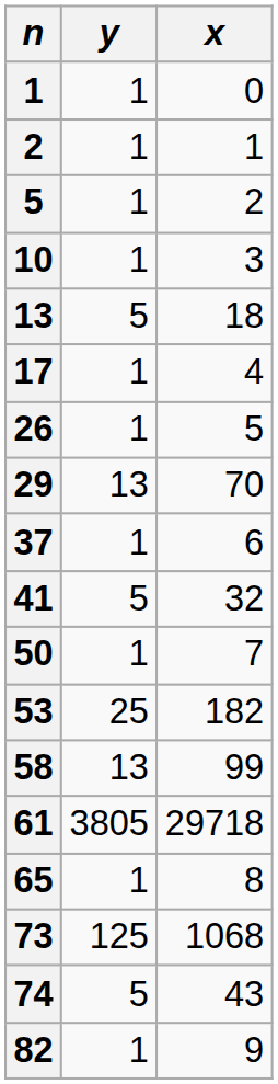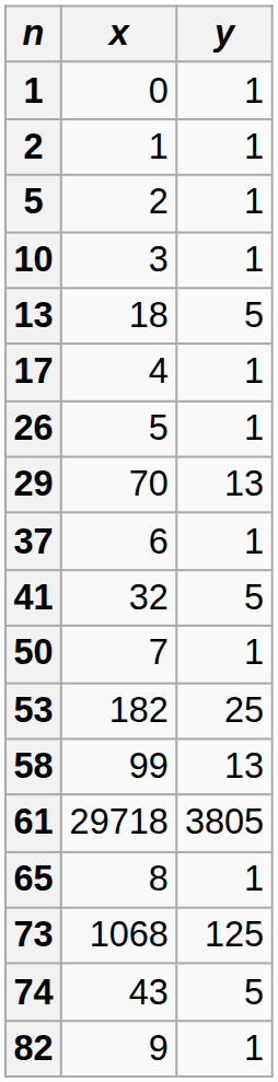 <table class="wikitable" style="text-align: right; display: inline-table;">
 <tr>
 <th><em>n</em></th>
+<th><em>x</em></th>
 <th><em>y</em></th>
-<th><em>x</em></th>
 </tr>
 <tr>
 <th>1</th>
+<td>0</td>
 <td>1</td>
-<td>0</td>
 </tr>
 <tr>
 <th>2</th>
 <td>1</td>
 <td>1</td>
 </tr>
 <tr>
 <th>5</th>
+<td>2</td>
 <td>1</td>
-<td>2</td>
 </tr>
 <tr>
 <th>10</th>
+<td>3</td>
 <td>1</td>
-<td>3</td>
 </tr>
 <tr>
 <th>13</th>
+<td>18</td>
 <td>5</td>
-<td>18</td>
 </tr>
 <tr>
 <th>17</th>
+<td>4</td>
 <td>1</td>
-<td>4</td>
 </tr>
 <tr>
 <th>26</th>
+<td>5</td>
 <td>1</td>
+</tr>
+<tr>
+<th>29</th>
+<td>70</td>
+<td>13</td>
+</tr>
+<tr>
+<th>37</th>
+<td>6</td>
+<td>1</td>
+</tr>
+<tr>
+<th>41</th>
+<td>32</td>
 <td>5</td>
 </tr>
 <tr>
-<th>29</th>
-<td>13</td>
-<td>70</td>
-</tr>
-<tr>
-<th>37</th>
+<th>50</th>
+<td>7</td>
 <td>1</td>
-<td>6</td>
-</tr>
-<tr>
-<th>41</th>
-<td>5</td>
-<td>32</td>
-</tr>
-<tr>
-<th>50</th>
-<td>1</td>
-<td>7</td>
 </tr>
 <tr>
 <th>53</th>
+<td>182</td>
 <td>25</td>
-<td>182</td>
 </tr>
 <tr>
 <th>58</th>
+<td>99</td>
 <td>13</td>
-<td>99</td>
 </tr>
 <tr>
 <th>61</th>
+<td>29718</td>
 <td>3805</td>
-<td>29718</td>
 </tr>
 <tr>
 <th>65</th>
+<td>8</td>
 <td>1</td>
-<td>8</td>
 </tr>
 <tr>
 <th>73</th>
+<td>1068</td>
 <td>125</td>
-<td>1068</td>
 </tr>
 <tr>
 <th>74</th>
+<td>43</td>
 <td>5</td>
-<td>43</td>
 </tr>
 <tr>
 <th>82</th>
+<td>9</td>
 <td>1</td>
-<td>9</td>
 </tr>
 </table>
